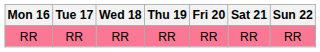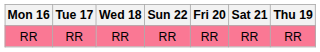 <table class="wikitable" style="margin:0.5em auto; font-size:90%; line-height:1.25em; text-align:center">
 <tr>
 <th>Mon 16</th>
 <th>Tue 17</th>
 <th>Wed 18</th>
-<th>Thu 19</th>
+<th>Sun 22</th>
 <th>Fri 20</th>
 <th>Sat 21</th>
-<th>Sun 22</th>
+<th>Thu 19</th>
 </tr>
 <tr>
 <td bgcolor="#FA7894">RR</td>
 <td bgcolor="#FA7894">RR</td>
 <td bgcolor="#FA7894">RR</td>
 <td bgcolor="#FA7894">RR</td>
 <td bgcolor="#FA7894">RR</td>
 <td bgcolor="#FA7894">RR</td>
 <td bgcolor="#FA7894">RR</td>
 </tr>
 </table>
